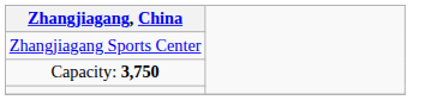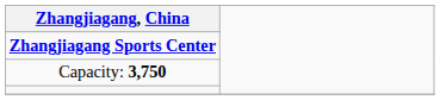 <table class=wikitable style=text-align:center>
 <tr>
 <th colspan="1"><a href='#'>Zhangjiagang</a>, <a href='#'>China</a></th>
 <td rowspan=4></td>
 </tr>
 <tr>
-<td width=50%><a href='#'>Zhangjiagang Sports Center</a></td>
+<td width=50%><strong><a href='#'>Zhangjiagang Sports Center</a></strong></td>
 </tr>
 <tr>
 <td>Capacity: <strong>3,750</strong></td>
 </tr>
 <tr>
 <td></td>
 </tr>
 <tr>
 </tr>
 </table>
